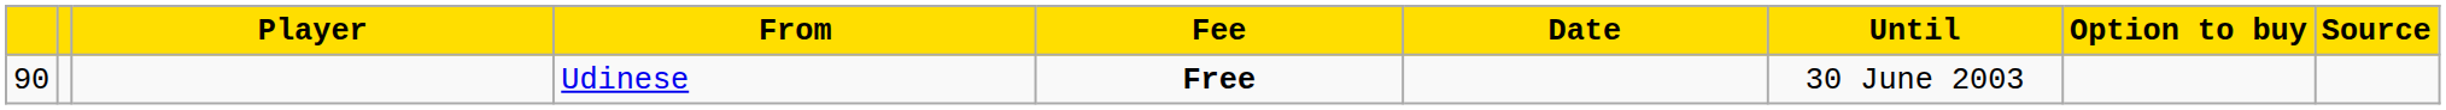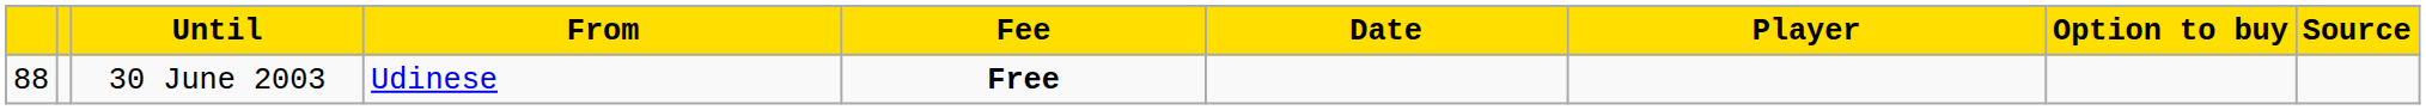 <table class="wikitable sortable">
 <tr>
 <th style="background:#FFDE00"></th>
 <th style="background:#FFDE00"></th>
-<th width=200 style="background:#FFDE00">Player</th>
+<th width=120 style="background:#FFDE00">Until</th>
 <th width=200 style="background:#FFDE00">From</th>
 <th width=150 style="background:#FFDE00">Fee</th>
 <th width=150 style="background:#FFDE00">Date</th>
-<th width=120 style="background:#FFDE00">Until</th>
+<th width=200 style="background:#FFDE00">Player</th>
 <th style="background:#FFDE00">Option to buy</th>
 <th style="background:#FFDE00">Source</th>
 </tr>
 <tr>
-<td align=center>90</td>
+<td align=center>88</td>
 <td align=center></td>
-<td></td>
+<td align=center>30 June 2003</td>
 <td> <a href='#'>Udinese</a></td>
 <td align=center><strong>Free</strong></td>
 <td align=center></td>
-<td align=center>30 June 2003</td>
+<td></td>
 <td align=center></td>
 <td align=center></td>
 </tr>
 </table>
